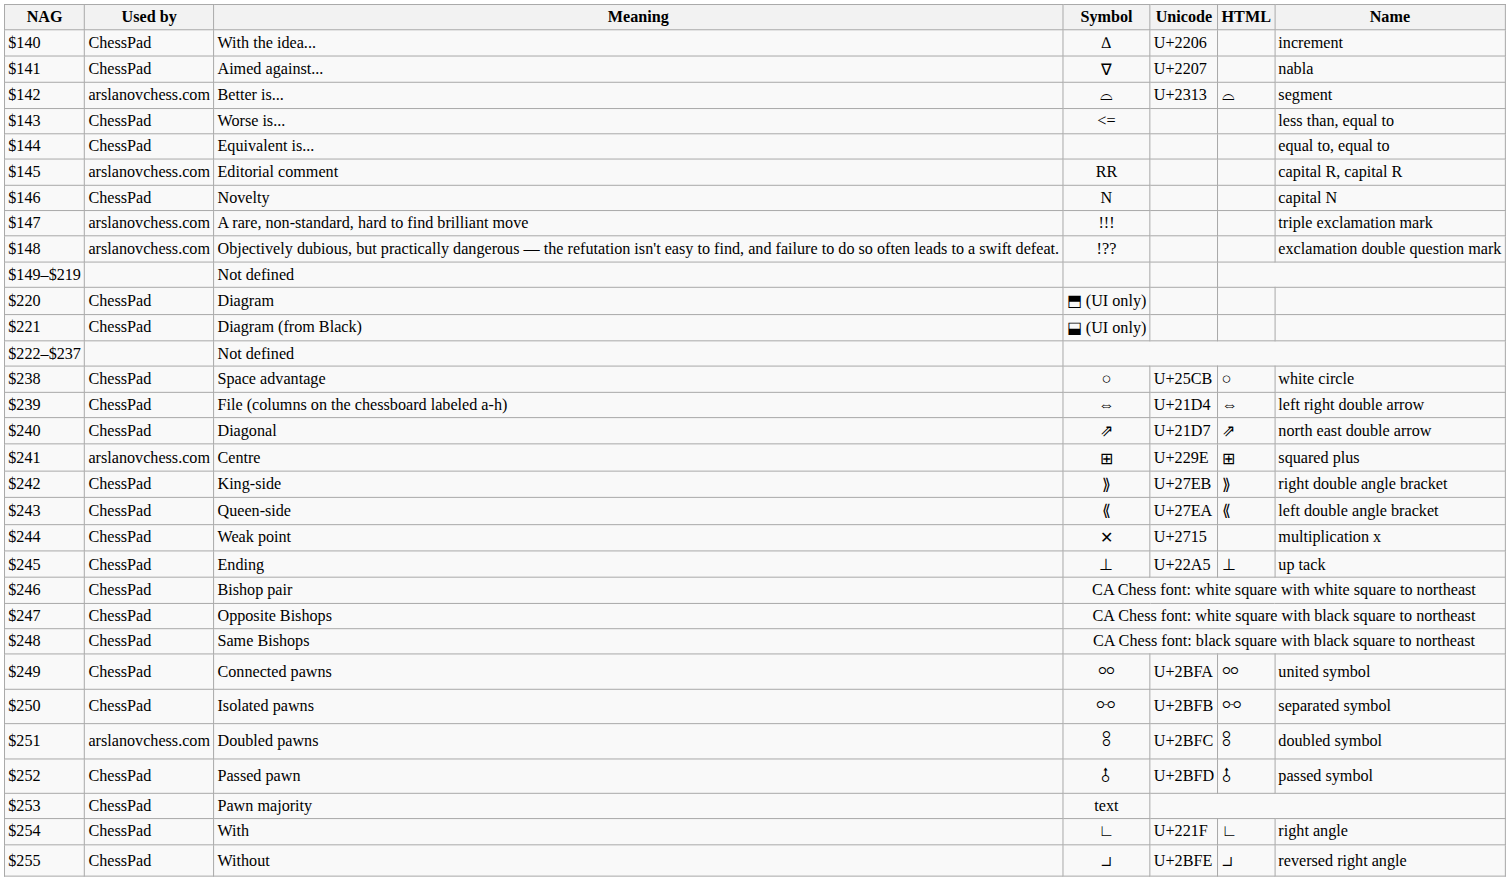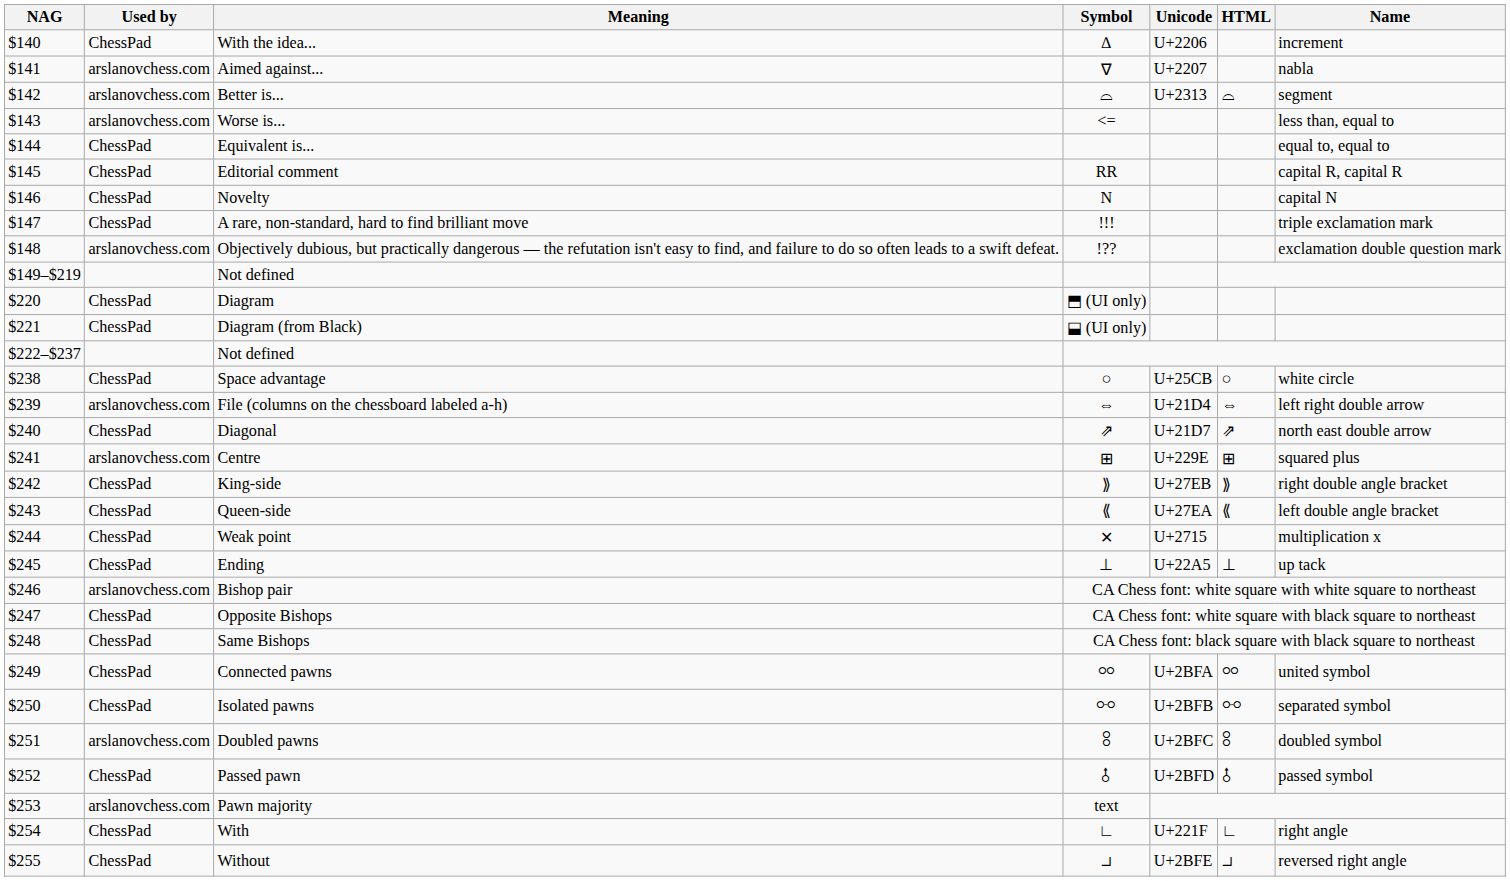 <table class="wikitable">
 <tr>
 <th>NAG</th>
 <th>Used by</th>
 <th>Meaning</th>
 <th align="center">Symbol</th>
 <th align="center">Unicode</th>
 <th align="center">HTML</th>
 <th>Name</th>
 </tr>
 <tr>
 <td>$140</td>
 <td>ChessPad</td>
 <td>With the idea...</td>
 <td align="center">∆</td>
 <td>U+2206</td>
 <td></td>
 <td>increment</td>
 </tr>
 <tr>
 <td>$141</td>
-<td>ChessPad</td>
+<td>arslanovchess.com</td>
 <td>Aimed against...</td>
 <td align="center">∇</td>
 <td>U+2207</td>
 <td></td>
 <td>nabla</td>
 </tr>
 <tr>
 <td>$142</td>
 <td>arslanovchess.com</td>
 <td>Better is...</td>
 <td align="center">⌓</td>
 <td>U+2313</td>
 <td>&profsurf;</td>
 <td>segment</td>
 </tr>
 <tr>
 <td>$143</td>
-<td>ChessPad</td>
+<td>arslanovchess.com</td>
 <td>Worse is...</td>
 <td align="center"><=</td>
 <td></td>
 <td></td>
 <td>less than, equal to</td>
 </tr>
 <tr>
 <td>$144</td>
 <td>ChessPad</td>
 <td>Equivalent is...</td>
 <td align="center"></td>
 <td></td>
 <td></td>
 <td>equal to, equal to</td>
 </tr>
 <tr>
 <td>$145</td>
-<td>arslanovchess.com</td>
+<td>ChessPad</td>
 <td>Editorial comment</td>
 <td align="center">RR</td>
 <td></td>
 <td></td>
 <td>capital R, capital R</td>
 </tr>
 <tr>
 <td>$146</td>
 <td>ChessPad</td>
 <td>Novelty</td>
 <td align="center">N</td>
 <td></td>
 <td></td>
 <td>capital N</td>
 </tr>
 <tr>
 <td>$147</td>
-<td>arslanovchess.com</td>
+<td>ChessPad</td>
 <td>A rare, non-standard, hard to find brilliant move</td>
 <td align="center">!!!</td>
 <td></td>
 <td></td>
 <td>triple exclamation mark</td>
 </tr>
 <tr>
 <td>$148</td>
 <td>arslanovchess.com</td>
 <td>Objectively dubious, but practically dangerous — the refutation isn't easy to find, and failure to do so often leads to a swift defeat.</td>
 <td align="center">!??</td>
 <td></td>
 <td></td>
 <td>exclamation double question mark</td>
 </tr>
 <tr>
 <td>$149–$219</td>
 <td></td>
 <td>Not defined</td>
 <td></td>
 <td></td>
 </tr>
 <tr>
 <td>$220</td>
 <td>ChessPad</td>
 <td>Diagram</td>
 <td align="center">⬒ (UI only)</td>
 <td></td>
 <td></td>
 <td></td>
 </tr>
 <tr>
 <td>$221</td>
 <td>ChessPad</td>
 <td>Diagram (from Black)</td>
 <td align="center">⬓ (UI only)</td>
 <td></td>
 <td></td>
 <td></td>
 </tr>
 <tr>
 <td>$222–$237</td>
 <td></td>
 <td>Not defined</td>
 </tr>
 <tr>
 <td>$238</td>
 <td>ChessPad</td>
 <td>Space advantage</td>
 <td align="center">○</td>
 <td>U+25CB</td>
 <td>&cir;</td>
 <td>white circle</td>
 </tr>
 <tr>
 <td>$239</td>
-<td>ChessPad</td>
+<td>arslanovchess.com</td>
 <td>File (columns on the chessboard labeled a-h)</td>
 <td align="center">⇔</td>
 <td>U+21D4</td>
 <td>&hArr;</td>
 <td>left right double arrow</td>
 </tr>
 <tr>
 <td>$240</td>
 <td>ChessPad</td>
 <td>Diagonal</td>
 <td align="center">⇗</td>
 <td>U+21D7</td>
 <td>&neArr;</td>
 <td>north east double arrow</td>
 </tr>
 <tr>
 <td>$241</td>
 <td>arslanovchess.com</td>
 <td>Centre</td>
 <td align="center">⊞</td>
 <td>U+229E</td>
 <td>&boxplus;</td>
 <td>squared plus</td>
 </tr>
 <tr>
 <td>$242</td>
 <td>ChessPad</td>
 <td>King-side</td>
 <td align="center">⟫</td>
 <td>U+27EB</td>
 <td>&Rang;</td>
 <td>right double angle bracket</td>
 </tr>
 <tr>
 <td>$243</td>
 <td>ChessPad</td>
 <td>Queen-side</td>
 <td align="center">⟪</td>
 <td>U+27EA</td>
 <td>&Lang;</td>
 <td>left double angle bracket</td>
 </tr>
 <tr>
 <td>$244</td>
 <td>ChessPad</td>
 <td>Weak point</td>
 <td align="center">✕</td>
 <td>U+2715</td>
 <td></td>
 <td>multiplication x</td>
 </tr>
 <tr>
 <td>$245</td>
 <td>ChessPad</td>
 <td>Ending</td>
 <td align="center">⊥</td>
 <td>U+22A5</td>
 <td>&perp;</td>
 <td>up tack</td>
 </tr>
 <tr>
 <td>$246</td>
-<td>ChessPad</td>
+<td>arslanovchess.com</td>
 <td>Bishop pair</td>
 <td colspan="4" align="center">CA Chess font: white square with white square to northeast</td>
 </tr>
 <tr>
 <td>$247</td>
 <td>ChessPad</td>
 <td>Opposite Bishops</td>
 <td colspan="4" align="center">CA Chess font: white square with black square to northeast</td>
 </tr>
 <tr>
 <td>$248</td>
 <td>ChessPad</td>
 <td>Same Bishops</td>
 <td colspan="4" align="center">CA Chess font: black square with black square to northeast</td>
 </tr>
 <tr>
 <td>$249</td>
 <td>ChessPad</td>
 <td>Connected pawns</td>
 <td align="center">⯺</td>
 <td>U+2BFA</td>
 <td>&#x2bfa;</td>
 <td>united symbol</td>
 </tr>
 <tr>
 <td>$250</td>
 <td>ChessPad</td>
 <td>Isolated pawns</td>
 <td align="center">⯻</td>
 <td>U+2BFB</td>
 <td>&#x2bfb;</td>
 <td>separated symbol</td>
 </tr>
 <tr>
 <td>$251</td>
 <td>arslanovchess.com</td>
 <td>Doubled pawns</td>
 <td align="center">⯼</td>
 <td>U+2BFC</td>
 <td>&#x2bfc;</td>
 <td>doubled symbol</td>
 </tr>
 <tr>
 <td>$252</td>
 <td>ChessPad</td>
 <td>Passed pawn</td>
 <td align="center">⯽</td>
 <td>U+2BFD</td>
 <td>&#x2bfd;</td>
 <td>passed symbol</td>
 </tr>
 <tr>
 <td>$253</td>
-<td>ChessPad</td>
+<td>arslanovchess.com</td>
 <td>Pawn majority</td>
 <td align="center">text</td>
 </tr>
 <tr>
 <td>$254</td>
 <td>ChessPad</td>
 <td>With</td>
 <td align="center">∟</td>
 <td>U+221F</td>
 <td>&#x221f;</td>
 <td>right angle</td>
 </tr>
 <tr>
 <td>$255</td>
 <td>ChessPad</td>
 <td>Without</td>
 <td align="center">⯾</td>
 <td>U+2BFE</td>
 <td>&#x2bfe;</td>
 <td>reversed right angle</td>
 </tr>
 </table>
